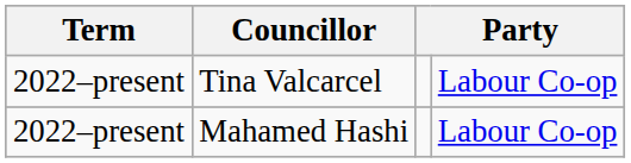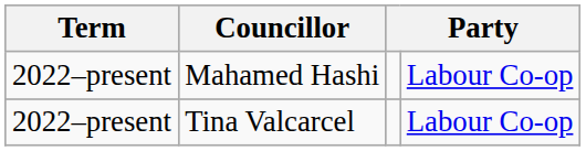 <table class="wikitable">
 <tr>
 <th>Term</th>
 <th>Councillor</th>
 <th colspan="2">Party</th>
 </tr>
 <tr>
 <td>2022–present</td>
-<td>Tina Valcarcel</td>
+<td>Mahamed Hashi</td>
 <td rowspan="1;" style="background-color: "></td>
 <td rowspan="1"><a href='#'>Labour Co-op</a></td>
 </tr>
 <tr>
 <td>2022–present</td>
-<td>Mahamed Hashi</td>
+<td>Tina Valcarcel</td>
 <td rowspan="1;" style="background-color: "></td>
 <td rowspan="1"><a href='#'>Labour Co-op</a></td>
 </tr>
 </table>
